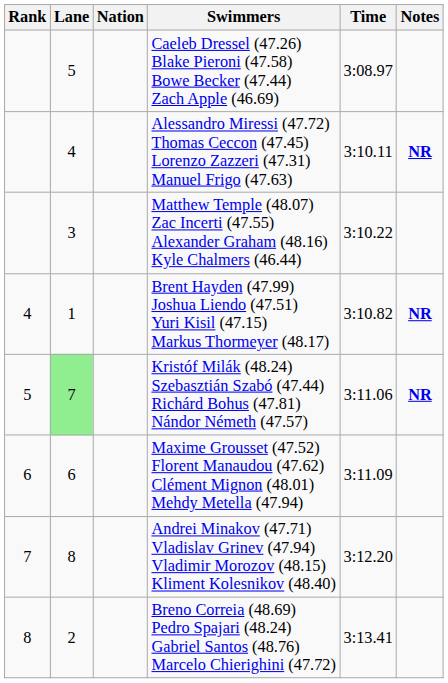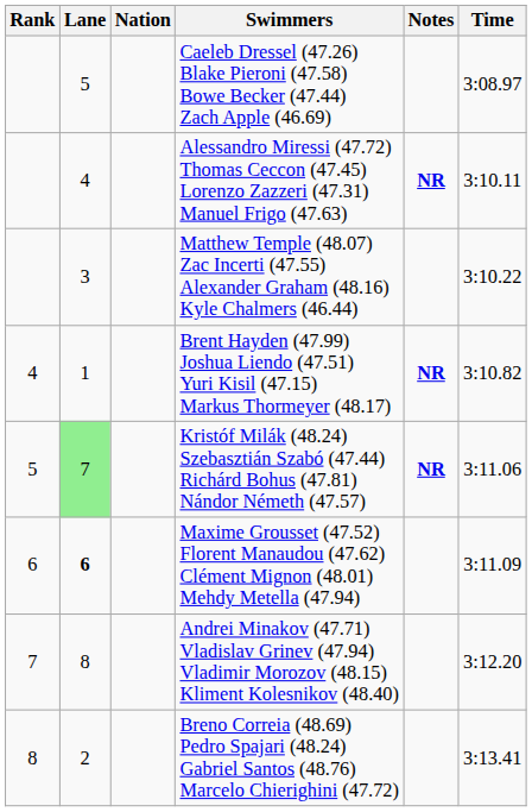 <table class="wikitable sortable" style="text-align:center">
 <tr>
 <th>Rank</th>
 <th>Lane</th>
 <th>Nation</th>
 <th>Swimmers</th>
+<th>Notes</th>
 <th>Time</th>
-<th>Notes</th>
 </tr>
 <tr>
 <td></td>
 <td>5</td>
 <td align=left></td>
 <td align=left><a href='#'>Caeleb Dressel</a> (47.26)<br><a href='#'>Blake Pieroni</a> (47.58)<br><a href='#'>Bowe Becker</a> (47.44)<br><a href='#'>Zach Apple</a> (46.69)</td>
+<td></td>
 <td>3:08.97</td>
-<td></td>
 </tr>
 <tr>
 <td></td>
 <td>4</td>
 <td align=left></td>
 <td align=left><a href='#'>Alessandro Miressi</a> (47.72)<br><a href='#'>Thomas Ceccon</a> (47.45)<br><a href='#'>Lorenzo Zazzeri</a> (47.31)<br><a href='#'>Manuel Frigo</a> (47.63)</td>
+<td><strong><a href='#'>NR</a></strong></td>
 <td>3:10.11</td>
-<td><strong><a href='#'>NR</a></strong></td>
 </tr>
 <tr>
 <td></td>
 <td>3</td>
 <td align=left></td>
 <td align=left><a href='#'>Matthew Temple</a> (48.07)<br><a href='#'>Zac Incerti</a> (47.55)<br><a href='#'>Alexander Graham</a> (48.16)<br><a href='#'>Kyle Chalmers</a> (46.44)</td>
+<td></td>
 <td>3:10.22</td>
-<td></td>
 </tr>
 <tr>
 <td>4</td>
 <td>1</td>
 <td align=left></td>
 <td align=left><a href='#'>Brent Hayden</a> (47.99)<br><a href='#'>Joshua Liendo</a> (47.51)<br><a href='#'>Yuri Kisil</a> (47.15)<br><a href='#'>Markus Thormeyer</a> (48.17)</td>
+<td><strong><a href='#'>NR</a></strong></td>
 <td>3:10.82</td>
-<td><strong><a href='#'>NR</a></strong></td>
 </tr>
 <tr>
 <td>5</td>
 <td style="background: lightgreen;">7</td>
 <td align=left></td>
 <td align=left><a href='#'>Kristóf Milák</a> (48.24)<br><a href='#'>Szebasztián Szabó</a> (47.44)<br><a href='#'>Richárd Bohus</a> (47.81)<br><a href='#'>Nándor Németh</a> (47.57)</td>
+<td><strong><a href='#'>NR</a></strong></td>
 <td>3:11.06</td>
-<td><strong><a href='#'>NR</a></strong></td>
 </tr>
 <tr>
 <td>6</td>
-<td>6</td>
+<td><strong>6</strong></td>
 <td align=left></td>
 <td align=left><a href='#'>Maxime Grousset</a> (47.52)<br><a href='#'>Florent Manaudou</a> (47.62)<br><a href='#'>Clément Mignon</a> (48.01)<br><a href='#'>Mehdy Metella</a> (47.94)</td>
+<td></td>
 <td>3:11.09</td>
-<td></td>
 </tr>
 <tr>
 <td>7</td>
 <td>8</td>
 <td align=left></td>
 <td align=left><a href='#'>Andrei Minakov</a> (47.71)<br><a href='#'>Vladislav Grinev</a> (47.94)<br><a href='#'>Vladimir Morozov</a> (48.15)<br><a href='#'>Kliment Kolesnikov</a> (48.40)</td>
+<td></td>
 <td>3:12.20</td>
-<td></td>
 </tr>
 <tr>
 <td>8</td>
 <td>2</td>
 <td align=left></td>
 <td align=left><a href='#'>Breno Correia</a> (48.69)<br><a href='#'>Pedro Spajari</a> (48.24)<br><a href='#'>Gabriel Santos</a> (48.76)<br><a href='#'>Marcelo Chierighini</a> (47.72)</td>
+<td></td>
 <td>3:13.41</td>
-<td></td>
 </tr>
 </table>
